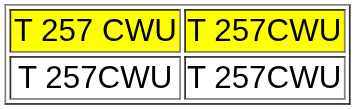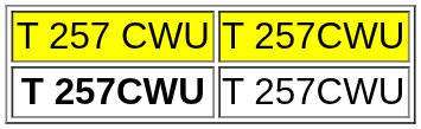 <table border="1" style="margin:1em auto;">
 <tr ---- size="40">
 <td style="background:yellow; text-align:center; font-size: 14pt; color: black">T 257 CWU</td>
 <td style="background:yellow; text-align:center; font-size: 14pt; color: black">T 257CWU</td>
 </tr>
 <tr>
-<td style="background:white; text-align:center; font-size: 14pt; color: black">T 257CWU</td>
+<td style="background:white; text-align:center; font-size: 14pt; color: black"><strong>T 257CWU</strong></td>
 <td style="background:white; text-align:center; font-size: 14pt; color: black">T 257CWU</td>
 </tr>
 </table>
